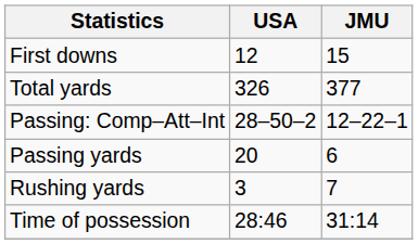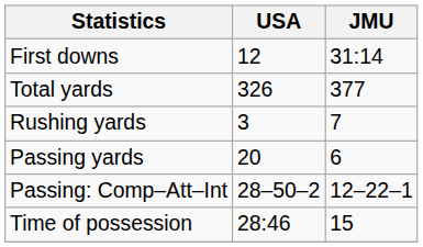 <table class="wikitable" style="float: left;">
 <tr>
 <th>Statistics</th>
 <th>USA</th>
 <th>JMU</th>
 </tr>
 <tr>
 <td>First downs</td>
 <td>12</td>
-<td>15</td>
+<td>31:14</td>
 </tr>
 <tr>
 <td>Total yards</td>
 <td>326</td>
 <td>377</td>
 </tr>
 <tr>
-<td>Passing: Comp–Att–Int</td>
-<td>28–50–2</td>
-<td>12–22–1</td>
+<td>Rushing yards</td>
+<td>3</td>
+<td>7</td>
 </tr>
 <tr>
 <td>Passing yards</td>
 <td>20</td>
 <td>6</td>
 </tr>
 <tr>
-<td>Rushing yards</td>
-<td>3</td>
-<td>7</td>
+<td>Passing: Comp–Att–Int</td>
+<td>28–50–2</td>
+<td>12–22–1</td>
 </tr>
 <tr>
 <td>Time of possession</td>
 <td>28:46</td>
-<td>31:14</td>
+<td>15</td>
 </tr>
 <tr>
 </tr>
 </table>
